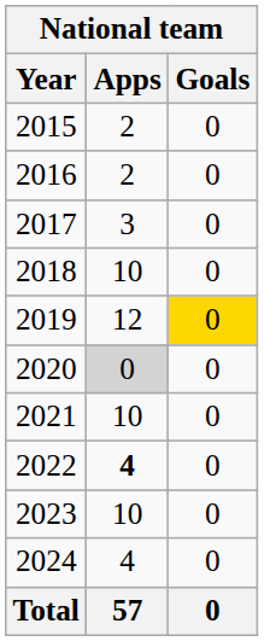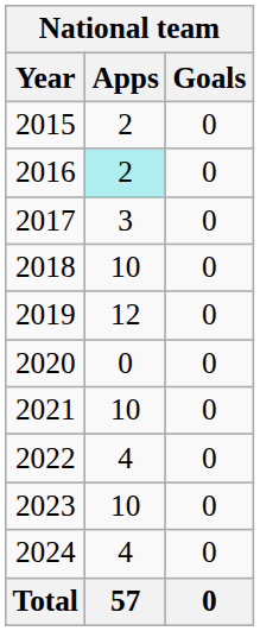 <table class="wikitable" style="text-align:center">
 <tr>
 <th colspan=3>National team</th>
 </tr>
 <tr>
 <th>Year</th>
 <th>Apps</th>
 <th>Goals</th>
 </tr>
 <tr>
 <td>2015</td>
 <td>2</td>
 <td>0</td>
 </tr>
 <tr>
 <td>2016</td>
-<td>2</td>
+<td style="background: paleturquoise;">2</td>
 <td>0</td>
 </tr>
 <tr>
 <td>2017</td>
 <td>3</td>
 <td>0</td>
 </tr>
 <tr>
 <td>2018</td>
 <td>10</td>
 <td>0</td>
 </tr>
 <tr>
 <td>2019</td>
 <td>12</td>
-<td style="background: gold;">0</td>
+<td>0</td>
 </tr>
 <tr>
 <td>2020</td>
-<td style="background: lightgrey;">0</td>
+<td>0</td>
 <td>0</td>
 </tr>
 <tr>
 <td>2021</td>
 <td>10</td>
 <td>0</td>
 </tr>
 <tr>
 <td>2022</td>
-<td><strong>4</strong></td>
+<td>4</td>
 <td>0</td>
 </tr>
 <tr>
 <td>2023</td>
 <td>10</td>
 <td>0</td>
 </tr>
 <tr>
 <td>2024</td>
 <td>4</td>
 <td>0</td>
 </tr>
 <tr>
 <th>Total</th>
 <th>57</th>
 <th>0</th>
 </tr>
 </table>
